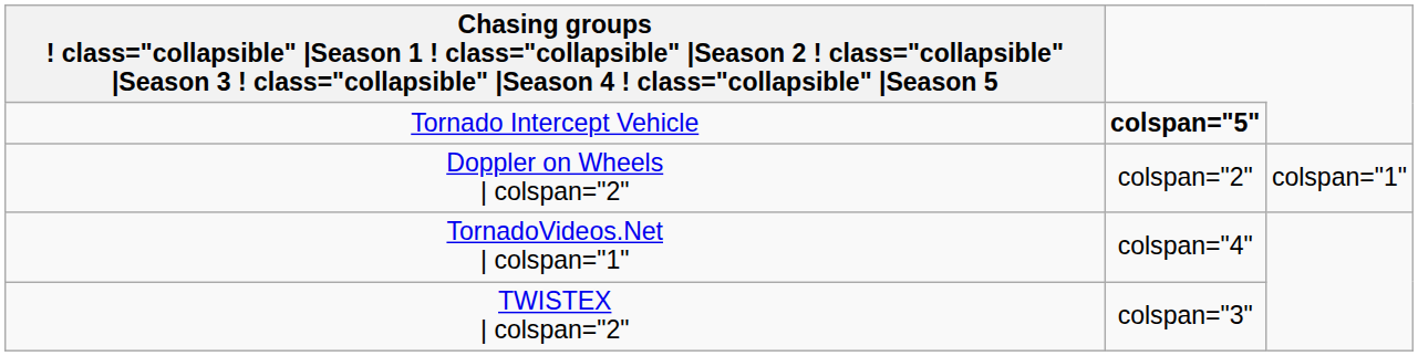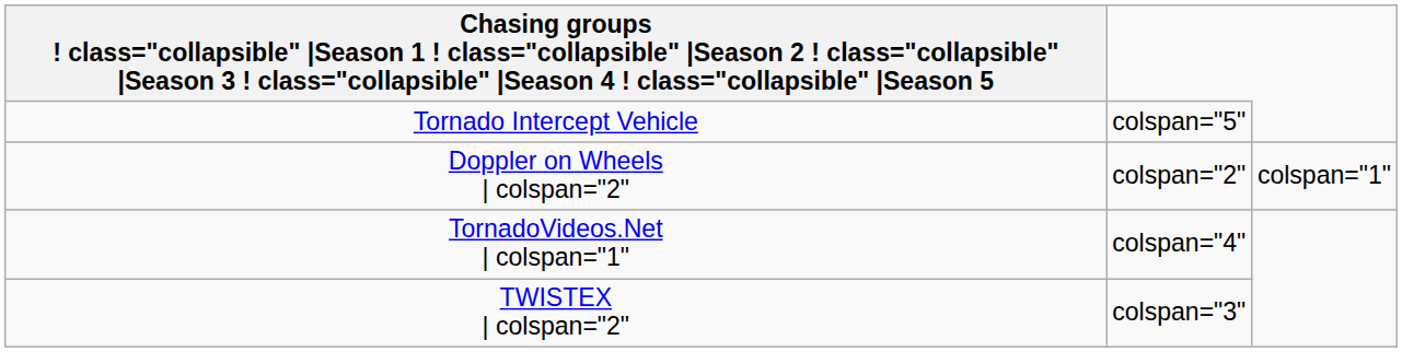 <table class="wikitable sortable" style="text-align:center; width:100%">
 <tr style="vertical-align:bottom;">
 <th>Chasing groups<br> ! class="collapsible" |Season 1  ! class="collapsible" |Season 2  ! class="collapsible" |Season 3  ! class="collapsible" |Season 4  ! class="collapsible" |Season 5</th>
 </tr>
 <tr>
 <td><a href='#'>Tornado Intercept Vehicle</a></td>
-<td><strong>colspan="5" <br></strong></td>
+<td>colspan="5" <br></td>
 </tr>
 <tr>
 <td><a href='#'>Doppler on Wheels</a><br> | colspan="2" </td>
 <td>colspan="2" </td>
 <td>colspan="1" </td>
 </tr>
 <tr>
 <td><a href='#'>TornadoVideos.Net</a><br> | colspan="1" </td>
 <td>colspan="4" </td>
 </tr>
 <tr>
 <td><a href='#'>TWISTEX</a><br> | colspan="2" </td>
 <td>colspan="3" </td>
 </tr>
 </table>
